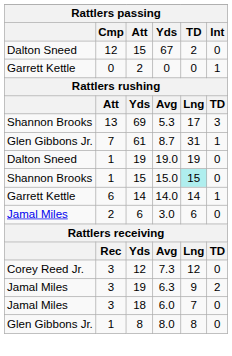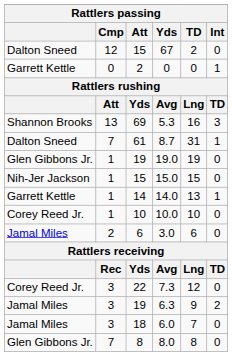 <table class="wikitable" style="text-align:center;">
 <tr>
 </tr>
 <tr>
 <th colspan="6">Rattlers passing</th>
 </tr>
 <tr>
 <th></th>
 <th>Cmp</th>
 <th>Att</th>
 <th>Yds</th>
 <th>TD</th>
 <th>Int</th>
 </tr>
 <tr>
 <td align="left">Dalton Sneed</td>
 <td>12</td>
 <td>15</td>
 <td>67</td>
 <td>2</td>
 <td>0</td>
 </tr>
 <tr>
 <td align="left">Garrett Kettle</td>
 <td>0</td>
 <td>2</td>
 <td>0</td>
 <td>0</td>
 <td>1</td>
 </tr>
 <tr>
 <th colspan="6">Rattlers rushing</th>
 </tr>
 <tr>
 <th></th>
 <th>Att</th>
 <th>Yds</th>
 <th>Avg</th>
 <th>Lng</th>
 <th>TD</th>
 </tr>
 <tr>
 <td align="left">Shannon Brooks</td>
 <td>13</td>
 <td>69</td>
 <td>5.3</td>
-<td>17</td>
+<td>16</td>
 <td>3</td>
 </tr>
 <tr>
-<td align="left">Glen Gibbons Jr.</td>
+<td align="left">Dalton Sneed</td>
 <td>7</td>
 <td>61</td>
 <td>8.7</td>
 <td>31</td>
 <td>1</td>
 </tr>
 <tr>
-<td align="left">Dalton Sneed</td>
+<td align="left">Glen Gibbons Jr.</td>
 <td>1</td>
 <td>19</td>
 <td>19.0</td>
 <td>19</td>
 <td>0</td>
 </tr>
 <tr>
-<td align="left">Shannon Brooks</td>
+<td align="left">Nih-Jer Jackson</td>
 <td>1</td>
 <td>15</td>
 <td>15.0</td>
-<td style="background: paleturquoise;">15</td>
+<td>15</td>
 <td>0</td>
 </tr>
 <tr>
 <td align="left">Garrett Kettle</td>
-<td>6</td>
+<td>1</td>
 <td>14</td>
 <td>14.0</td>
-<td>14</td>
+<td>13</td>
 <td>1</td>
+</tr>
+<tr>
+<td align="left">Corey Reed Jr.</td>
+<td>1</td>
+<td>10</td>
+<td>10.0</td>
+<td>10</td>
+<td>0</td>
 </tr>
 <tr>
 <td align="left"><a href='#'>Jamal Miles</a></td>
 <td>2</td>
 <td>6</td>
 <td>3.0</td>
 <td>6</td>
 <td>0</td>
 </tr>
 <tr>
 <th colspan="6">Rattlers receiving</th>
 </tr>
 <tr>
 <th></th>
 <th>Rec</th>
 <th>Yds</th>
 <th>Avg</th>
 <th>Lng</th>
 <th>TD</th>
 </tr>
 <tr>
 <td align="left">Corey Reed Jr.</td>
 <td>3</td>
-<td>12</td>
+<td>22</td>
 <td>7.3</td>
 <td>12</td>
 <td>0</td>
 </tr>
 <tr>
 <td align="left">Jamal Miles</td>
 <td>3</td>
 <td>19</td>
 <td>6.3</td>
 <td>9</td>
 <td>2</td>
 </tr>
 <tr>
 <td align="left">Jamal Miles</td>
 <td>3</td>
 <td>18</td>
 <td>6.0</td>
 <td>7</td>
 <td>0</td>
 </tr>
 <tr>
 <td align="left">Glen Gibbons Jr.</td>
-<td>1</td>
+<td>7</td>
 <td>8</td>
 <td>8.0</td>
 <td>8</td>
 <td>0</td>
 </tr>
 </table>
